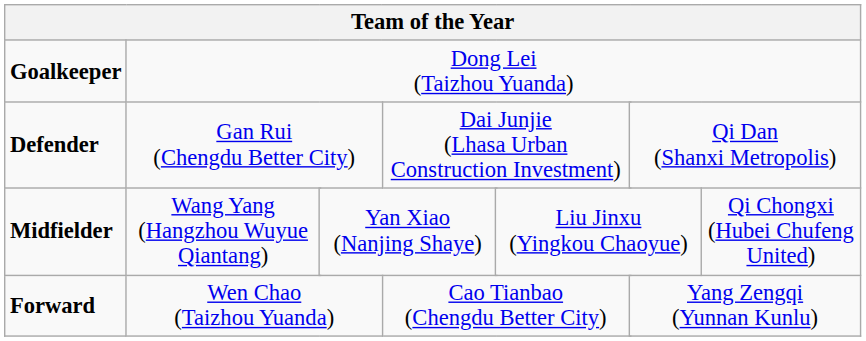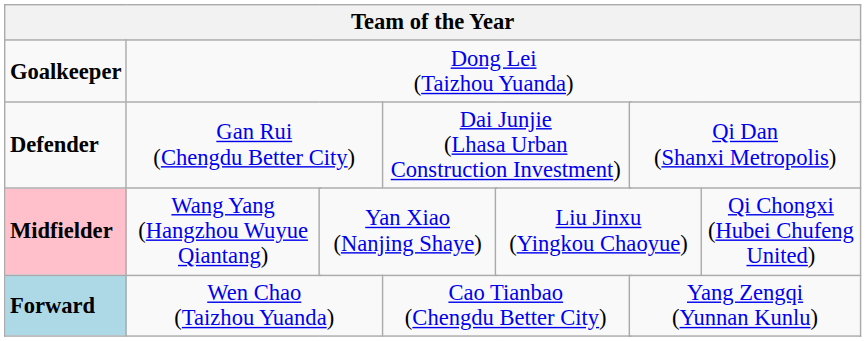 <table class="wikitable">
 <tr>
 <th colspan="13">Team of the Year</th>
 </tr>
 <tr>
 <td><strong>Goalkeeper</strong></td>
 <td colspan="12" align="center"> <a href='#'>Dong Lei</a> <br>(<a href='#'>Taizhou Yuanda</a>)</td>
 </tr>
 <tr>
 <td><strong>Defender</strong></td>
 <td colspan="4" align="center"> <a href='#'>Gan Rui</a> <br>(<a href='#'>Chengdu Better City</a>)</td>
 <td colspan="4" align="center"> <a href='#'>Dai Junjie</a> <br>(<a href='#'>Lhasa Urban Construction Investment</a>)</td>
 <td colspan="4" align="center"> <a href='#'>Qi Dan</a> <br>(<a href='#'>Shanxi Metropolis</a>)</td>
 </tr>
 <tr>
-<td><strong>Midfielder</strong></td>
+<td style="background: pink;"><strong>Midfielder</strong></td>
 <td colspan="3" align="center"> <a href='#'>Wang Yang</a> <br>(<a href='#'>Hangzhou Wuyue Qiantang</a>)</td>
 <td colspan="3" align="center"> <a href='#'>Yan Xiao</a> <br>(<a href='#'>Nanjing Shaye</a>)</td>
 <td colspan="3" align="center"> <a href='#'>Liu Jinxu</a> <br>(<a href='#'>Yingkou Chaoyue</a>)</td>
 <td colspan="3" align="center"> <a href='#'>Qi Chongxi</a> <br>(<a href='#'>Hubei Chufeng United</a>)</td>
 </tr>
 <tr>
-<td><strong>Forward</strong></td>
+<td style="background: lightblue;"><strong>Forward</strong></td>
 <td colspan="4" align="center"> <a href='#'>Wen Chao</a> <br>(<a href='#'>Taizhou Yuanda</a>)</td>
 <td colspan="4" align="center"> <a href='#'>Cao Tianbao</a> <br>(<a href='#'>Chengdu Better City</a>)</td>
 <td colspan="4" align="center"> <a href='#'>Yang Zengqi</a> <br>(<a href='#'>Yunnan Kunlu</a>)</td>
 </tr>
 </table>
